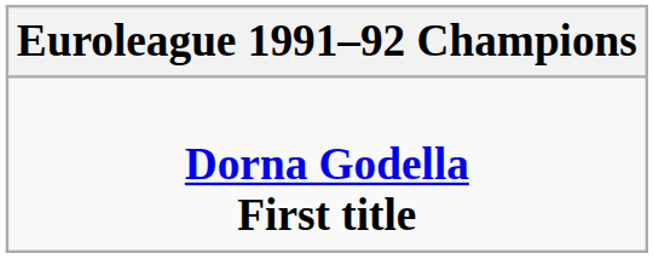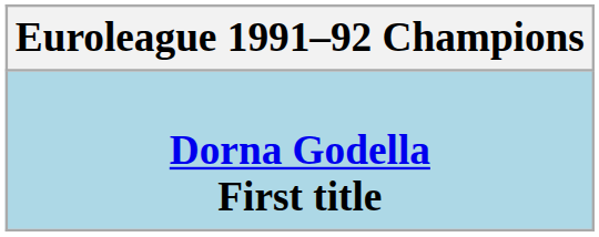 <table class=wikitable style="text-align:center; margin:auto">
 <tr>
 <th>Euroleague 1991–92 Champions</th>
 </tr>
 <tr>
-<td> <br> <strong><a href='#'>Dorna Godella</a></strong> <br> <strong>First title</strong></td>
+<td style="background: lightblue;"> <br> <strong><a href='#'>Dorna Godella</a></strong> <br> <strong>First title</strong></td>
 </tr>
 </table>
